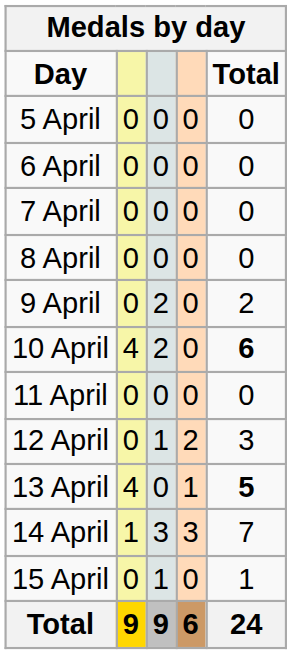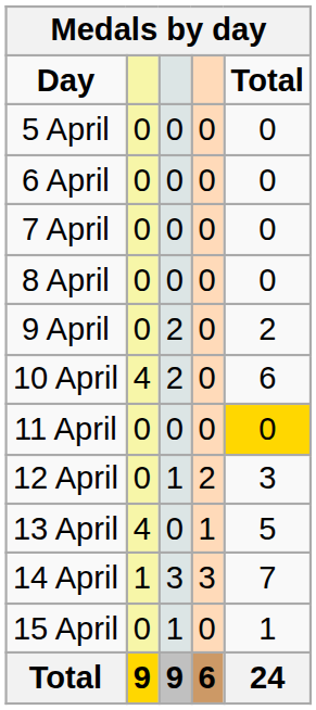 <table class="wikitable" style="font-size:85%; float:right">
 <tr align=center>
 <th colspan=5>Medals by day</th>
 </tr>
 <tr align=center>
 <td><strong>Day</strong></td>
 <td bgcolor=#f7f6a8></td>
 <td bgcolor=#dce5e5></td>
 <td bgcolor=#ffdab9></td>
 <td><strong>Total</strong></td>
 </tr>
 <tr align=center>
 <td>5 April</td>
 <td bgcolor=#f7f6a8>0</td>
 <td bgcolor=#dce5e5>0</td>
 <td bgcolor=#ffdab9>0</td>
 <td>0</td>
 </tr>
 <tr align=center>
 <td>6 April</td>
 <td bgcolor=#f7f6a8>0</td>
 <td bgcolor=#dce5e5>0</td>
 <td bgcolor=#ffdab9>0</td>
 <td>0</td>
 </tr>
 <tr align=center>
 <td>7 April</td>
 <td bgcolor=#f7f6a8>0</td>
 <td bgcolor=#dce5e5>0</td>
 <td bgcolor=#ffdab9>0</td>
 <td>0</td>
 </tr>
 <tr align=center>
 <td>8 April</td>
 <td bgcolor=#f7f6a8>0</td>
 <td bgcolor=#dce5e5>0</td>
 <td bgcolor=#ffdab9>0</td>
 <td>0</td>
 </tr>
 <tr align=center>
 <td>9 April</td>
 <td bgcolor=#f7f6a8>0</td>
 <td bgcolor=#dce5e5>2</td>
 <td bgcolor=#ffdab9>0</td>
 <td>2</td>
 </tr>
 <tr align=center>
 <td>10 April</td>
 <td bgcolor=#f7f6a8>4</td>
 <td bgcolor=#dce5e5>2</td>
 <td bgcolor=#ffdab9>0</td>
-<td><strong>6</strong></td>
+<td>6</td>
 </tr>
 <tr align=center>
 <td>11 April</td>
 <td bgcolor=#f7f6a8>0</td>
 <td bgcolor=#dce5e5>0</td>
 <td bgcolor=#ffdab9>0</td>
-<td>0</td>
+<td style="background: gold;">0</td>
 </tr>
 <tr align=center>
 <td>12 April</td>
 <td bgcolor=#f7f6a8>0</td>
 <td bgcolor=#dce5e5>1</td>
 <td bgcolor=#ffdab9>2</td>
 <td>3</td>
 </tr>
 <tr align=center>
 <td>13 April</td>
 <td bgcolor=#f7f6a8>4</td>
 <td bgcolor=#dce5e5>0</td>
 <td bgcolor=#ffdab9>1</td>
-<td><strong>5</strong></td>
+<td>5</td>
 </tr>
 <tr align=center>
 <td>14 April</td>
 <td bgcolor=#f7f6a8>1</td>
 <td bgcolor=#dce5e5>3</td>
 <td bgcolor=#ffdab9>3</td>
 <td>7</td>
 </tr>
 <tr align=center>
 <td>15 April</td>
 <td bgcolor=#f7f6a8>0</td>
 <td bgcolor=#dce5e5>1</td>
 <td bgcolor=#ffdab9>0</td>
 <td>1</td>
 </tr>
 <tr align=center>
 <th bgcolor=#efefef>Total</th>
 <th style="background:gold;">9</th>
 <th style="background:silver;">9</th>
 <th style="background:#c96;">6</th>
 <th>24</th>
 </tr>
 </table>
